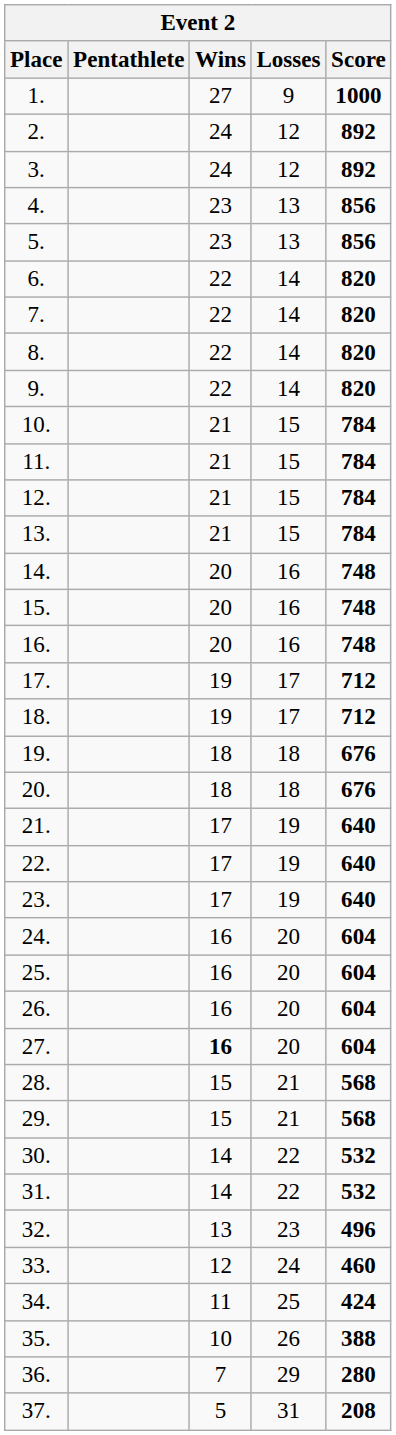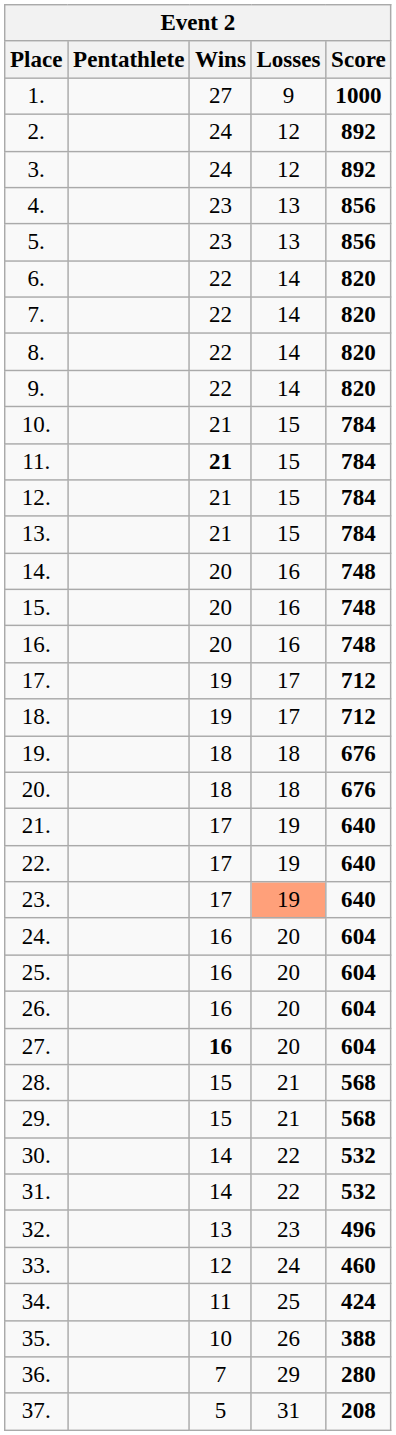 <table class=wikitable style="text-align:center">
 <tr>
 <th colspan=5>Event 2</th>
 </tr>
 <tr>
 <th>Place</th>
 <th>Pentathlete</th>
 <th>Wins</th>
 <th>Losses</th>
 <th>Score</th>
 </tr>
 <tr>
 <td>1.</td>
 <td align=left></td>
 <td>27</td>
 <td>9</td>
 <td><strong>1000</strong></td>
 </tr>
 <tr>
 <td>2.</td>
 <td align=left></td>
 <td>24</td>
 <td>12</td>
 <td><strong>892</strong></td>
 </tr>
 <tr>
 <td>3.</td>
 <td align=left></td>
 <td>24</td>
 <td>12</td>
 <td><strong>892</strong></td>
 </tr>
 <tr>
 <td>4.</td>
 <td align=left></td>
 <td>23</td>
 <td>13</td>
 <td><strong>856</strong></td>
 </tr>
 <tr>
 <td>5.</td>
 <td align=left></td>
 <td>23</td>
 <td>13</td>
 <td><strong>856</strong></td>
 </tr>
 <tr>
 <td>6.</td>
 <td align=left></td>
 <td>22</td>
 <td>14</td>
 <td><strong>820</strong></td>
 </tr>
 <tr>
 <td>7.</td>
 <td align=left></td>
 <td>22</td>
 <td>14</td>
 <td><strong>820</strong></td>
 </tr>
 <tr>
 <td>8.</td>
 <td align=left></td>
 <td>22</td>
 <td>14</td>
 <td><strong>820</strong></td>
 </tr>
 <tr>
 <td>9.</td>
 <td align=left></td>
 <td>22</td>
 <td>14</td>
 <td><strong>820</strong></td>
 </tr>
 <tr>
 <td>10.</td>
 <td align=left></td>
 <td>21</td>
 <td>15</td>
 <td><strong>784</strong></td>
 </tr>
 <tr>
 <td>11.</td>
 <td align=left></td>
-<td>21</td>
+<td><strong>21</strong></td>
 <td>15</td>
 <td><strong>784</strong></td>
 </tr>
 <tr>
 <td>12.</td>
 <td align=left></td>
 <td>21</td>
 <td>15</td>
 <td><strong>784</strong></td>
 </tr>
 <tr>
 <td>13.</td>
 <td align=left></td>
 <td>21</td>
 <td>15</td>
 <td><strong>784</strong></td>
 </tr>
 <tr>
 <td>14.</td>
 <td align=left></td>
 <td>20</td>
 <td>16</td>
 <td><strong>748</strong></td>
 </tr>
 <tr>
 <td>15.</td>
 <td align=left></td>
 <td>20</td>
 <td>16</td>
 <td><strong>748</strong></td>
 </tr>
 <tr>
 <td>16.</td>
 <td align=left></td>
 <td>20</td>
 <td>16</td>
 <td><strong>748</strong></td>
 </tr>
 <tr>
 <td>17.</td>
 <td align=left></td>
 <td>19</td>
 <td>17</td>
 <td><strong>712</strong></td>
 </tr>
 <tr>
 <td>18.</td>
 <td align=left></td>
 <td>19</td>
 <td>17</td>
 <td><strong>712</strong></td>
 </tr>
 <tr>
 <td>19.</td>
 <td align=left></td>
 <td>18</td>
 <td>18</td>
 <td><strong>676</strong></td>
 </tr>
 <tr>
 <td>20.</td>
 <td align=left></td>
 <td>18</td>
 <td>18</td>
 <td><strong>676</strong></td>
 </tr>
 <tr>
 <td>21.</td>
 <td align=left></td>
 <td>17</td>
 <td>19</td>
 <td><strong>640</strong></td>
 </tr>
 <tr>
 <td>22.</td>
 <td align=left></td>
 <td>17</td>
 <td>19</td>
 <td><strong>640</strong></td>
 </tr>
 <tr>
 <td>23.</td>
 <td align=left></td>
 <td>17</td>
-<td>19</td>
+<td style="background: lightsalmon;">19</td>
 <td><strong>640</strong></td>
 </tr>
 <tr>
 <td>24.</td>
 <td align=left></td>
 <td>16</td>
 <td>20</td>
 <td><strong>604</strong></td>
 </tr>
 <tr>
 <td>25.</td>
 <td align=left></td>
 <td>16</td>
 <td>20</td>
 <td><strong>604</strong></td>
 </tr>
 <tr>
 <td>26.</td>
 <td align=left></td>
 <td>16</td>
 <td>20</td>
 <td><strong>604</strong></td>
 </tr>
 <tr>
 <td>27.</td>
 <td align=left></td>
 <td><strong>16</strong></td>
 <td>20</td>
 <td><strong>604</strong></td>
 </tr>
 <tr>
 <td>28.</td>
 <td align=left></td>
 <td>15</td>
 <td>21</td>
 <td><strong>568</strong></td>
 </tr>
 <tr>
 <td>29.</td>
 <td align=left></td>
 <td>15</td>
 <td>21</td>
 <td><strong>568</strong></td>
 </tr>
 <tr>
 <td>30.</td>
 <td align=left></td>
 <td>14</td>
 <td>22</td>
 <td><strong>532</strong></td>
 </tr>
 <tr>
 <td>31.</td>
 <td align=left></td>
 <td>14</td>
 <td>22</td>
 <td><strong>532</strong></td>
 </tr>
 <tr>
 <td>32.</td>
 <td align=left></td>
 <td>13</td>
 <td>23</td>
 <td><strong>496</strong></td>
 </tr>
 <tr>
 <td>33.</td>
 <td align=left></td>
 <td>12</td>
 <td>24</td>
 <td><strong>460</strong></td>
 </tr>
 <tr>
 <td>34.</td>
 <td align=left></td>
 <td>11</td>
 <td>25</td>
 <td><strong>424</strong></td>
 </tr>
 <tr>
 <td>35.</td>
 <td align=left></td>
 <td>10</td>
 <td>26</td>
 <td><strong>388</strong></td>
 </tr>
 <tr>
 <td>36.</td>
 <td align=left></td>
 <td>7</td>
 <td>29</td>
 <td><strong>280</strong></td>
 </tr>
 <tr>
 <td>37.</td>
 <td align=left></td>
 <td>5</td>
 <td>31</td>
 <td><strong>208</strong></td>
 </tr>
 </table>
